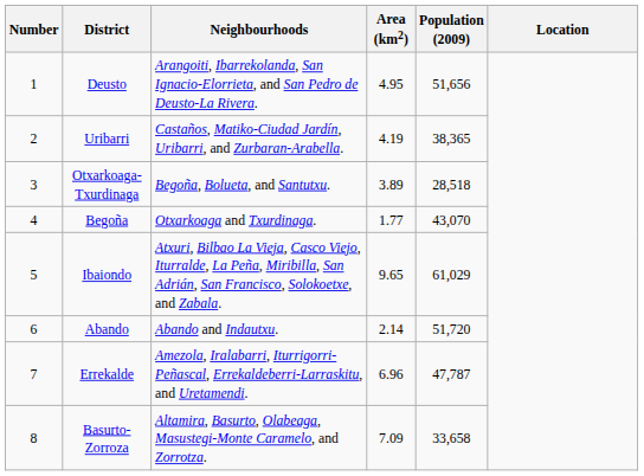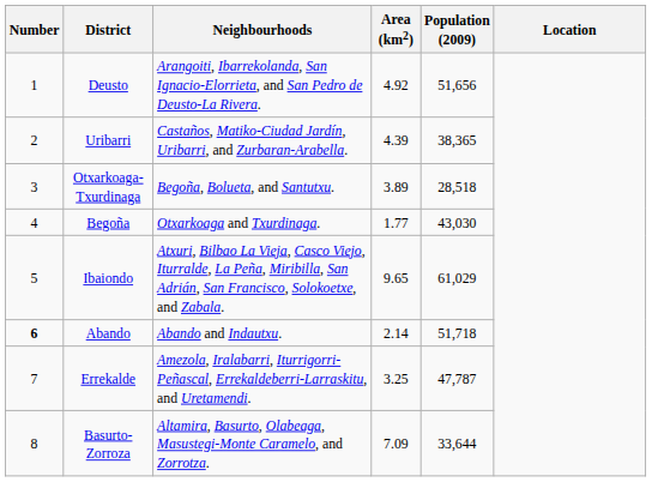 <table class="wikitable">
 <tr style="background:#efefef;">
 <th style="width:40px; text-align:center;"><small>Number</small></th>
 <th style="width:100px; text-align:center;"><small>District</small></th>
 <th style="width:400px; text-align:center;"><small>Neighbourhoods</small></th>
 <th style="width:50px; text-align:center;"><small>Area<br>(km<sup>2</sup>)</small></th>
 <th style="width:50px; text-align:center;"><small>Population<br>(2009)</small></th>
 <th style="width:300px; text-align:center;"><small>Location</small></th>
 </tr>
 <tr>
 <td style="text-align:center;"><small>1</small></td>
 <td style="text-align:center;"><small><a href='#'>Deusto</a></small></td>
 <td style="text-align:left;"><small><em><a href='#'>Arangoiti</a></em>, <em><a href='#'>Ibarrekolanda</a></em>, <em><a href='#'>San Ignacio-Elorrieta</a></em>, and <em><a href='#'>San Pedro de Deusto-La Rivera</a></em>.</small></td>
-<td style="text-align:center;"><small>4.95</small></td>
+<td style="text-align:center;"><small>4.92</small></td>
 <td style="text-align:center;"><small>51,656</small></td>
 <td rowspan="8" style="text-align:center;"><br>        </td>
 </tr>
 <tr>
 <td style="text-align:center;"><small>2</small></td>
 <td style="text-align:center;"><small><a href='#'>Uribarri</a></small></td>
 <td style="text-align:left;"><small><em><a href='#'>Castaños</a></em>, <em><a href='#'>Matiko-Ciudad Jardín</a></em>, <em><a href='#'>Uribarri</a></em>, and <em><a href='#'>Zurbaran-Arabella</a></em>.</small></td>
-<td style="text-align:center;"><small>4.19</small></td>
+<td style="text-align:center;"><small>4.39</small></td>
 <td style="text-align:center;"><small>38,365</small></td>
 </tr>
 <tr>
 <td style="text-align:center;"><small>3</small></td>
 <td style="text-align:center;"><small><a href='#'>Otxarkoaga-Txurdinaga</a></small></td>
 <td style="text-align:left;"><small><em><a href='#'>Begoña</a></em>, <em><a href='#'>Bolueta</a></em>, and <em><a href='#'>Santutxu</a></em>.</small></td>
 <td style="text-align:center;"><small>3.89</small></td>
 <td style="text-align:center;"><small>28,518</small></td>
 </tr>
 <tr>
 <td style="text-align:center;"><small>4</small></td>
 <td style="text-align:center;"><small><a href='#'>Begoña</a></small></td>
 <td style="text-align:left;"><small><em><a href='#'>Otxarkoaga</a></em> and <em><a href='#'>Txurdinaga</a></em>.</small></td>
 <td style="text-align:center;"><small>1.77</small></td>
-<td style="text-align:center;"><small>43,070</small></td>
+<td style="text-align:center;"><small>43,030</small></td>
 </tr>
 <tr>
 <td style="text-align:center;"><small>5</small></td>
 <td style="text-align:center;"><small><a href='#'>Ibaiondo</a></small></td>
 <td style="text-align:left;"><small><em><a href='#'>Atxuri</a></em>, <em><a href='#'>Bilbao La Vieja</a></em>, <em><a href='#'>Casco Viejo</a></em>, <em><a href='#'>Iturralde</a></em>, <em><a href='#'>La Peña</a></em>, <em><a href='#'>Miribilla</a></em>, <em><a href='#'>San Adrián</a></em>, <em><a href='#'>San Francisco</a></em>, <em><a href='#'>Solokoetxe</a></em>, and <em><a href='#'>Zabala</a></em>.</small></td>
 <td style="text-align:center;"><small>9.65</small></td>
 <td style="text-align:center;"><small>61,029</small></td>
 </tr>
 <tr>
-<td style="text-align:center;"><small>6</small></td>
+<td style="text-align:center;"><strong><small>6</small></strong></td>
 <td style="text-align:center;"><small><a href='#'>Abando</a></small></td>
 <td style="text-align:left;"><small><em><a href='#'>Abando</a></em> and <em><a href='#'>Indautxu</a></em>.</small></td>
 <td style="text-align:center;"><small>2.14</small></td>
-<td style="text-align:center;"><small>51,720</small></td>
+<td style="text-align:center;"><small>51,718</small></td>
 </tr>
 <tr>
 <td style="text-align:center;"><small>7</small></td>
 <td style="text-align:center;"><small><a href='#'>Errekalde</a></small></td>
 <td style="text-align:left;"><small><em><a href='#'>Amezola</a></em>, <em><a href='#'>Iralabarri</a></em>, <em><a href='#'>Iturrigorri-Peñascal</a></em>, <em><a href='#'>Errekaldeberri-Larraskitu</a></em>, and <em><a href='#'>Uretamendi</a></em>.</small></td>
-<td style="text-align:center;"><small>6.96</small></td>
+<td style="text-align:center;"><small>3.25</small></td>
 <td style="text-align:center;"><small>47,787</small></td>
 </tr>
 <tr>
 <td style="text-align:center;"><small>8</small></td>
 <td style="text-align:center;"><small><a href='#'>Basurto-Zorroza</a></small></td>
 <td style="text-align:left;"><small><em><a href='#'>Altamira</a></em>, <em><a href='#'>Basurto</a></em>, <em><a href='#'>Olabeaga</a></em>, <em><a href='#'>Masustegi-Monte Caramelo</a></em>, and <em><a href='#'>Zorrotza</a></em>.</small></td>
 <td style="text-align:center;"><small>7.09</small></td>
-<td style="text-align:center;"><small>33,658</small></td>
+<td style="text-align:center;"><small>33,644</small></td>
 </tr>
 </table>
